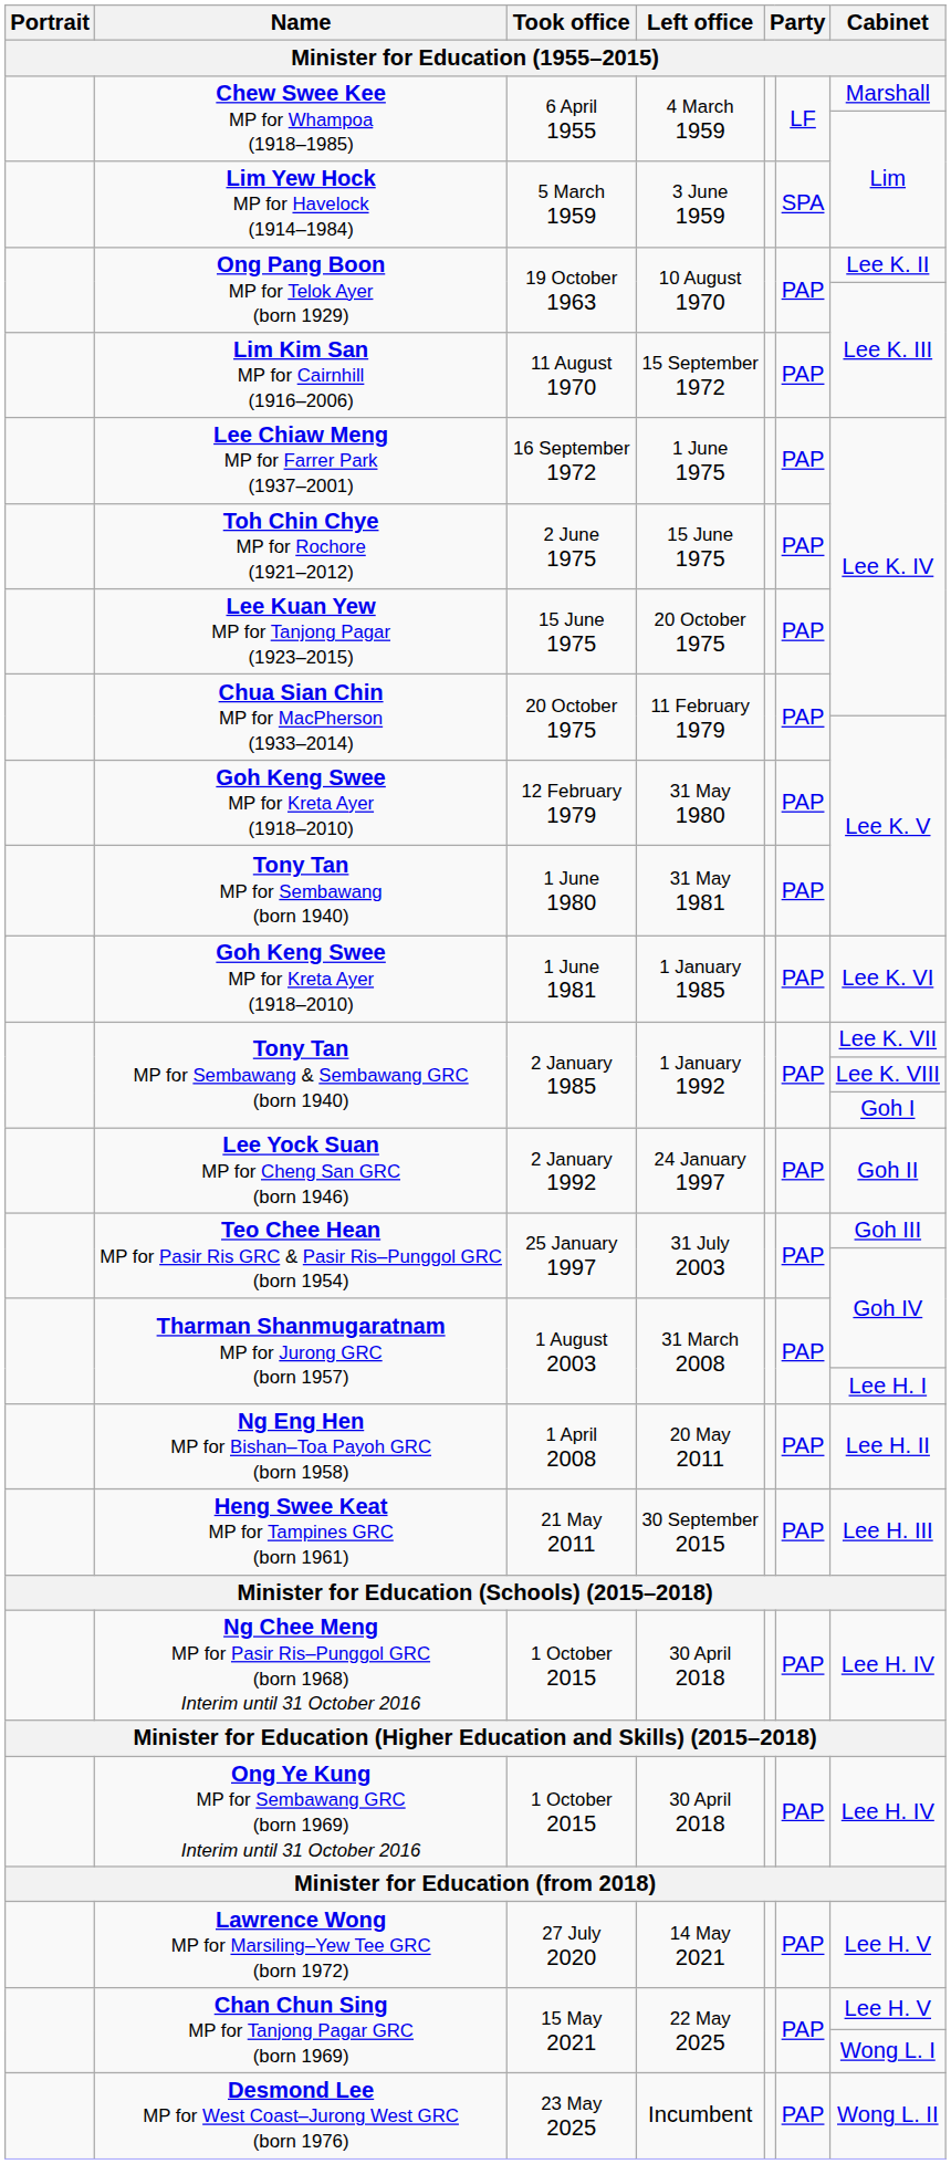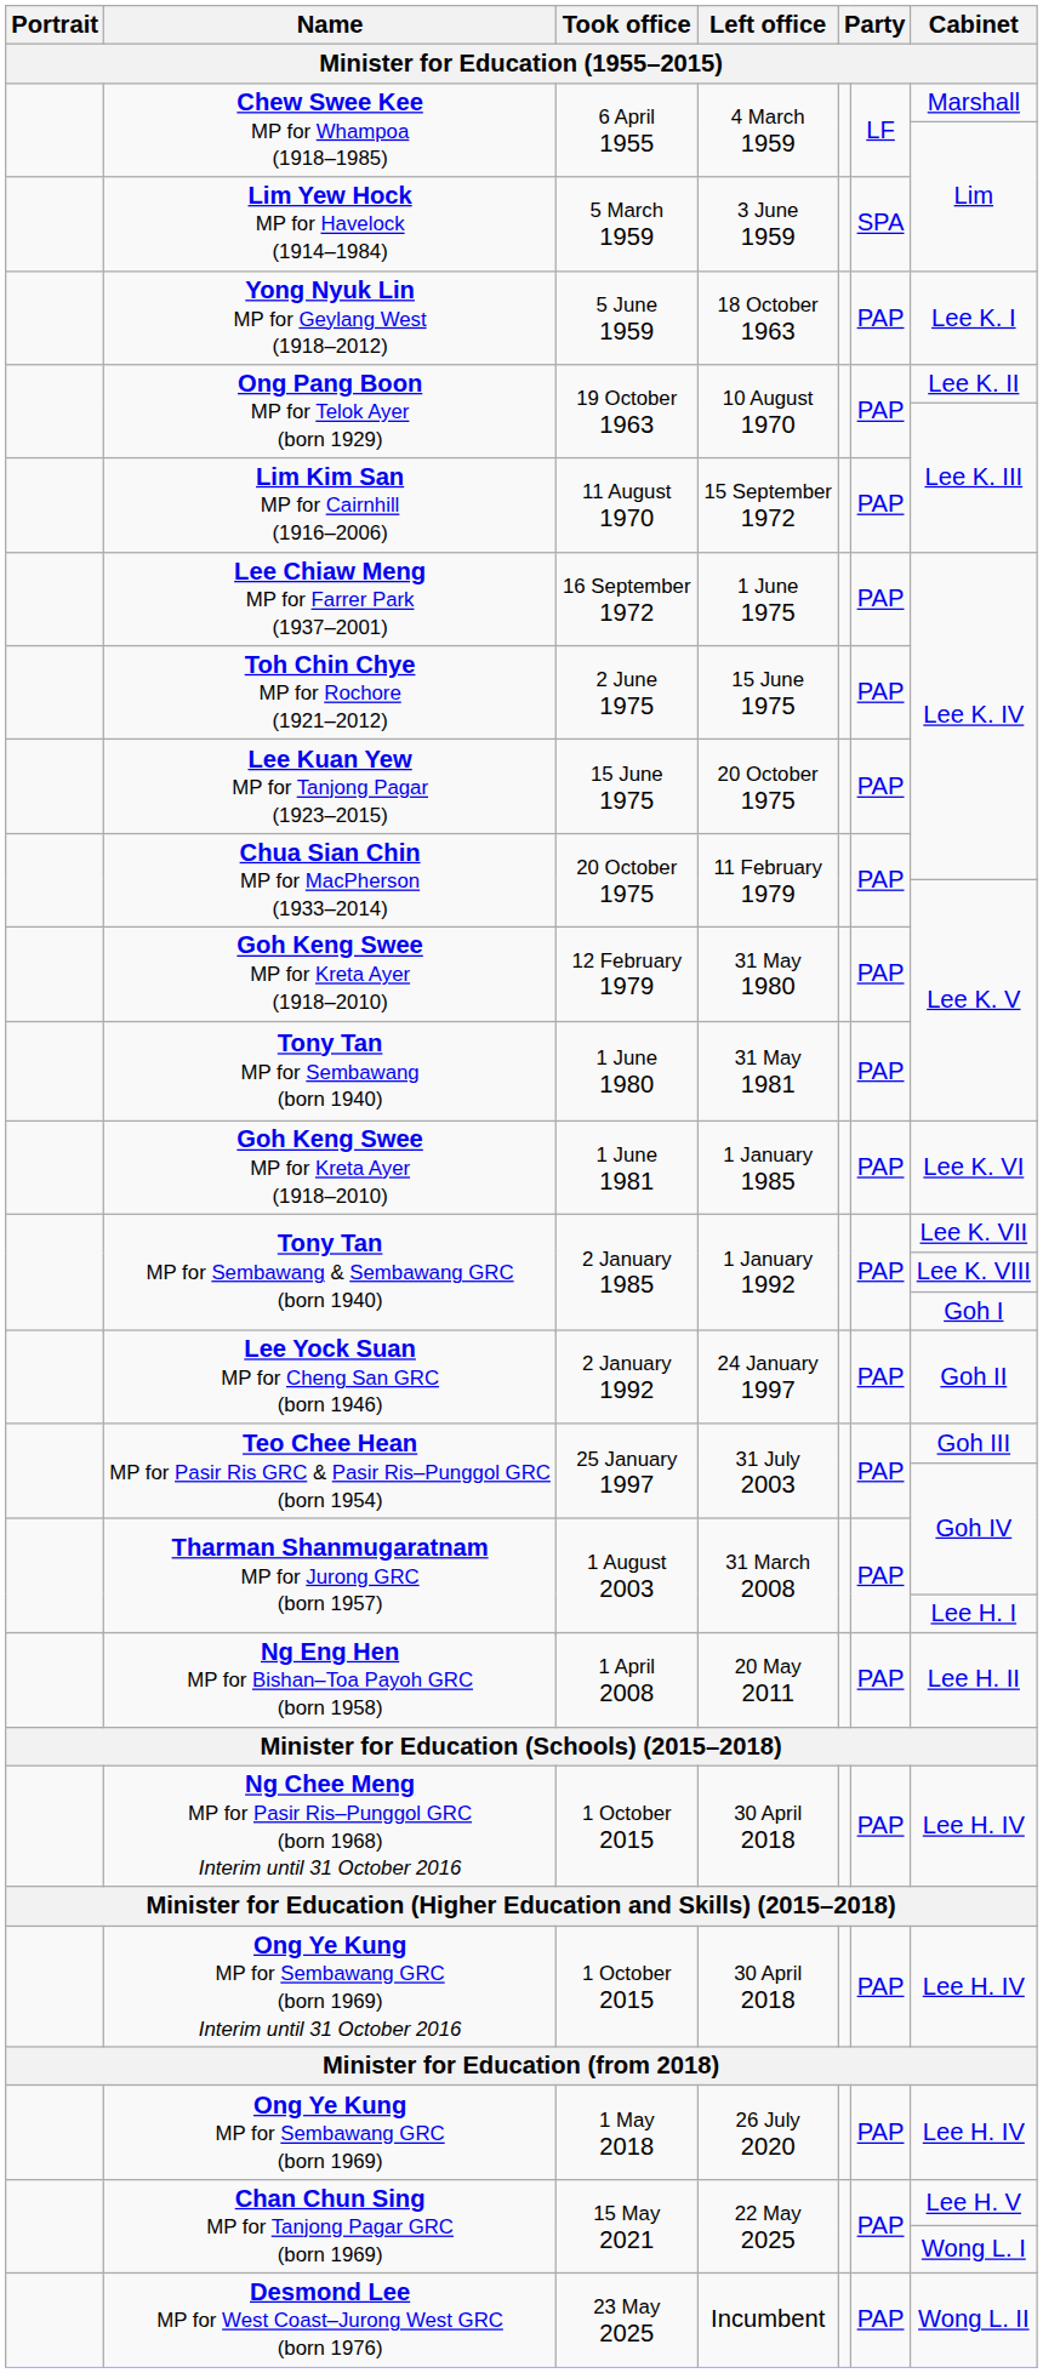 <table class="wikitable" style="text-align:center; border:1px #aaf solid;">
 <tr>
 <th>Portrait</th>
 <th>Name<br></th>
 <th width="85">Took office</th>
 <th width="85">Left office</th>
 <th colspan="2">Party</th>
 <th>Cabinet</th>
 </tr>
 <tr>
 <th colspan="7">Minister for Education (1955–2015)</th>
 </tr>
 <tr>
 <td rowspan="2"></td>
 <td rowspan="2"><strong><a href='#'>Chew Swee Kee</a></strong><br><small>MP for <a href='#'>Whampoa</a></small><br><small>(1918–1985)</small></td>
 <td rowspan="2"><small>6 April</small><br>1955</td>
 <td rowspan="2"><small>4 March</small><br>1959</td>
 <td rowspan="2" style="background:"></td>
 <td rowspan="2"><a href='#'>LF</a></td>
 <td><a href='#'>Marshall</a></td>
 </tr>
 <tr>
 <td rowspan="2"><a href='#'>Lim</a></td>
 </tr>
 <tr>
 <td></td>
 <td><strong><a href='#'>Lim Yew Hock</a></strong><br><small>MP for <a href='#'>Havelock</a></small><br><small>(1914–1984)</small></td>
 <td><small>5 March</small><br>1959</td>
 <td><small>3 June</small><br>1959</td>
 <td style="background:"></td>
 <td><a href='#'>SPA</a></td>
+</tr>
+<tr>
+<td></td>
+<td><strong><a href='#'>Yong Nyuk Lin</a></strong><br><small>MP for <a href='#'>Geylang West</a></small><br><small>(1918–2012)</small></td>
+<td><small>5 June</small><br>1959</td>
+<td><small>18 October</small><br>1963</td>
+<td style="background:"></td>
+<td><a href='#'>PAP</a></td>
+<td><a href='#'>Lee K. I</a></td>
 </tr>
 <tr>
 <td rowspan="2"></td>
 <td rowspan="2"><strong><a href='#'>Ong Pang Boon</a></strong><br><small>MP for <a href='#'>Telok Ayer</a></small><br><small>(born 1929)</small></td>
 <td rowspan="2"><small>19 October</small><br>1963</td>
 <td rowspan="2"><small>10 August</small><br>1970</td>
 <td rowspan="2" style="background:"></td>
 <td rowspan="2"><a href='#'>PAP</a></td>
 <td><a href='#'>Lee K. II</a></td>
 </tr>
 <tr>
 <td rowspan="2"><a href='#'>Lee K. III</a></td>
 </tr>
 <tr>
 <td></td>
 <td><strong><a href='#'>Lim Kim San</a></strong><br><small>MP for <a href='#'>Cairnhill</a></small><br><small>(1916–2006)</small></td>
 <td><small>11 August</small><br>1970</td>
 <td><small>15 September</small><br>1972</td>
 <td style="background:"></td>
 <td><a href='#'>PAP</a></td>
 </tr>
 <tr>
 <td></td>
 <td><strong><a href='#'>Lee Chiaw Meng</a></strong><br><small>MP for <a href='#'>Farrer Park</a></small><br><small>(1937–2001)</small></td>
 <td><small>16 September</small><br>1972</td>
 <td><small>1 June</small><br>1975</td>
 <td style="background:"></td>
 <td><a href='#'>PAP</a></td>
 <td rowspan="4"><a href='#'>Lee K. IV</a></td>
 </tr>
 <tr>
 <td></td>
 <td><strong><a href='#'>Toh Chin Chye</a></strong><br><small>MP for <a href='#'>Rochore</a></small><br><small>(1921–2012)</small></td>
 <td><small>2 June</small><br>1975</td>
 <td><small>15 June</small><br>1975</td>
 <td style="background:"></td>
 <td><a href='#'>PAP</a></td>
 </tr>
 <tr>
 <td></td>
 <td><strong><a href='#'>Lee Kuan Yew</a></strong><br><small>MP for <a href='#'>Tanjong Pagar</a></small><br><small>(1923–2015)</small></td>
 <td><small>15 June</small><br>1975</td>
 <td><small>20 October</small><br>1975</td>
 <td style="background:"></td>
 <td><a href='#'>PAP</a></td>
 </tr>
 <tr style="height:30px;">
 <td rowspan="2"></td>
 <td rowspan="2"><strong><a href='#'>Chua Sian Chin</a></strong><br><small>MP for <a href='#'>MacPherson</a></small><br><small>(1933–2014)</small></td>
 <td rowspan="2"><small>20 October</small><br>1975</td>
 <td rowspan="2"><small>11 February</small><br>1979</td>
 <td rowspan="2" style="background:"></td>
 <td rowspan="2"><a href='#'>PAP</a></td>
 </tr>
 <tr>
 <td rowspan="3"><a href='#'>Lee K. V</a></td>
 </tr>
 <tr>
 <td></td>
 <td><strong><a href='#'>Goh Keng Swee</a></strong><br><small>MP for <a href='#'>Kreta Ayer</a></small><br><small>(1918–2010)</small></td>
 <td><small>12 February</small><br>1979</td>
 <td><small>31 May</small><br>1980</td>
 <td style="background:"></td>
 <td><a href='#'>PAP</a></td>
 </tr>
 <tr style="height:65px;">
 <td rowspan="2"></td>
 <td rowspan="2"><strong><a href='#'>Tony Tan</a></strong><br><small>MP for <a href='#'>Sembawang</a></small><br><small>(born 1940)</small></td>
 <td rowspan="2"><small>1 June</small><br>1980</td>
 <td rowspan="2"><small>31 May</small><br>1981</td>
 <td rowspan="2" style="background:"></td>
 <td rowspan="2"><a href='#'>PAP</a></td>
 </tr>
 <tr>
 <td rowspan="2"><a href='#'>Lee K. VI</a></td>
 </tr>
 <tr>
 <td></td>
 <td><strong><a href='#'>Goh Keng Swee</a></strong><br><small>MP for <a href='#'>Kreta Ayer</a></small><br><small>(1918–2010)</small></td>
 <td><small>1 June</small><br>1981</td>
 <td><small>1 January</small><br>1985</td>
 <td style="background:"></td>
 <td><a href='#'>PAP</a></td>
 </tr>
 <tr>
 <td rowspan="4"></td>
 <td rowspan="4"><strong><a href='#'>Tony Tan</a></strong><br><small>MP for <a href='#'>Sembawang</a> & <a href='#'>Sembawang GRC</a></small><br><small>(born 1940)</small></td>
 <td rowspan="4"><small>2 January</small><br>1985</td>
 <td rowspan="4"><small>1 January</small><br>1992</td>
 <td rowspan="4" style="background:"></td>
 <td rowspan="4"><a href='#'>PAP</a></td>
 <td><a href='#'>Lee K. VII</a></td>
 </tr>
 <tr>
 <td><a href='#'>Lee K. VIII</a></td>
 </tr>
 <tr>
 <td><a href='#'>Goh I</a></td>
 </tr>
 <tr>
 <td rowspan="2"><a href='#'>Goh II</a></td>
 </tr>
 <tr>
 <td></td>
 <td><strong><a href='#'>Lee Yock Suan</a></strong><br><small>MP for <a href='#'>Cheng San GRC</a></small><br><small>(born 1946)</small></td>
 <td><small>2 January</small><br>1992</td>
 <td><small>24 January</small><br>1997</td>
 <td style="background:"></td>
 <td><a href='#'>PAP</a></td>
 </tr>
 <tr>
 <td rowspan="2"></td>
 <td rowspan="2"><strong><a href='#'>Teo Chee Hean</a></strong><br><small>MP for <a href='#'>Pasir Ris GRC</a> & <a href='#'>Pasir Ris–Punggol GRC</a></small><br><small>(born 1954)</small></td>
 <td rowspan="2"><small>25 January</small><br>1997</td>
 <td rowspan="2"><small>31 July</small><br>2003</td>
 <td rowspan="2" style="background:"></td>
 <td rowspan="2"><a href='#'>PAP</a></td>
 <td><a href='#'>Goh III</a></td>
 </tr>
 <tr>
 <td rowspan="2"><a href='#'>Goh IV</a></td>
 </tr>
 <tr style="height:50px;">
 <td rowspan="3"></td>
 <td rowspan="3"><strong><a href='#'>Tharman Shanmugaratnam</a></strong><br><small>MP for <a href='#'>Jurong GRC</a></small><br><small>(born 1957)</small></td>
 <td rowspan="3"><small>1 August</small><br>2003</td>
 <td rowspan="3"><small>31 March</small><br>2008</td>
 <td rowspan="3" style="background:"></td>
 <td rowspan="3"><a href='#'>PAP</a></td>
 </tr>
 <tr>
 <td><a href='#'>Lee H. I</a></td>
 </tr>
 <tr>
 <td rowspan="2"><a href='#'>Lee H. II</a></td>
 </tr>
 <tr>
 <td></td>
 <td><strong><a href='#'>Ng Eng Hen</a></strong><br><small>MP for <a href='#'>Bishan–Toa Payoh GRC</a></small><br><small>(born 1958)</small></td>
 <td><small>1 April</small><br>2008</td>
 <td><small>20 May</small><br>2011</td>
 <td style="background:"></td>
 <td><a href='#'>PAP</a></td>
 </tr>
 <tr>
-<td></td>
-<td><strong><a href='#'>Heng Swee Keat</a></strong><br><small>MP for <a href='#'>Tampines GRC</a></small><br><small>(born 1961)</small></td>
-<td><small>21 May</small><br>2011</td>
-<td><small>30 September</small><br>2015</td>
-<td style="background:"></td>
-<td><a href='#'>PAP</a></td>
-<td><a href='#'>Lee H. III</a></td>
-</tr>
-<tr>
 <th colspan="7">Minister for Education (Schools) (2015–2018)</th>
 </tr>
 <tr>
 <td></td>
 <td><strong><a href='#'>Ng Chee Meng</a></strong><br><small>MP for <a href='#'>Pasir Ris–Punggol GRC</a></small><br><small>(born 1968)</small><br><small><em>Interim until 31 October 2016</em></small></td>
 <td><small>1 October</small><br>2015</td>
 <td><small>30 April</small><br>2018</td>
 <td style="background:"></td>
 <td><a href='#'>PAP</a></td>
 <td><a href='#'>Lee H. IV</a></td>
 </tr>
 <tr>
 <th colspan="7">Minister for Education (Higher Education and Skills) (2015–2018)</th>
 </tr>
 <tr>
 <td></td>
 <td><strong><a href='#'>Ong Ye Kung</a></strong><br><small>MP for <a href='#'>Sembawang GRC</a></small><br><small>(born 1969)</small><br><small><em>Interim until 31 October 2016</em></small></td>
 <td><small>1 October</small><br>2015</td>
 <td><small>30 April</small><br>2018</td>
 <td style="background:"></td>
 <td><a href='#'>PAP</a></td>
 <td><a href='#'>Lee H. IV</a></td>
 </tr>
 <tr>
 <th colspan="7">Minister for Education (from 2018)</th>
 </tr>
 <tr>
 <td></td>
-<td><strong><a href='#'>Lawrence Wong</a></strong><br><small>MP for <a href='#'>Marsiling–Yew Tee GRC</a></small><br><small>(born 1972)</small></td>
-<td><small>27 July</small><br>2020</td>
-<td><small>14 May</small><br>2021</td>
+<td><strong><a href='#'>Ong Ye Kung</a></strong><br><small>MP for <a href='#'>Sembawang GRC</a></small><br><small>(born 1969)</small></td>
+<td><small>1 May</small><br>2018</td>
+<td><small>26 July</small><br>2020</td>
 <td style="background:"></td>
 <td><a href='#'>PAP</a></td>
-<td rowspan="1"><a href='#'>Lee H. V</a></td>
+<td><a href='#'>Lee H. IV</a></td>
 </tr>
 <tr>
 <td rowspan="2"></td>
 <td rowspan="2"><strong><a href='#'>Chan Chun Sing</a></strong><br><small>MP for <a href='#'>Tanjong Pagar GRC</a></small><br><small>(born 1969)</small></td>
 <td rowspan="2"><small>15 May</small><br>2021</td>
 <td rowspan="2"><small>22 May</small><br>2025</td>
 <td rowspan="2" style="background:"></td>
 <td rowspan="2"><a href='#'>PAP</a></td>
 <td><a href='#'>Lee H. V</a></td>
 </tr>
 <tr>
 <td><a href='#'>Wong L. I</a></td>
 </tr>
 <tr>
 <td></td>
 <td><a href='#'><strong>Desmond Lee</strong></a> <small> <br> MP for <a href='#'>West Coast–Jurong West GRC</a><br>(born 1976)</small></td>
 <td><small>23 May</small><br>2025</td>
 <td>Incumbent</td>
 <td style="background:"></td>
 <td><a href='#'>PAP</a></td>
 <td><a href='#'>Wong L. II</a></td>
 </tr>
 <tr>
 </tr>
 </table>
